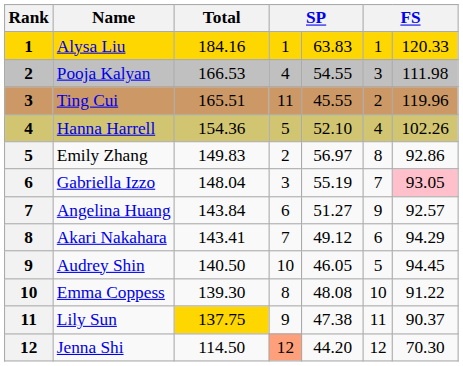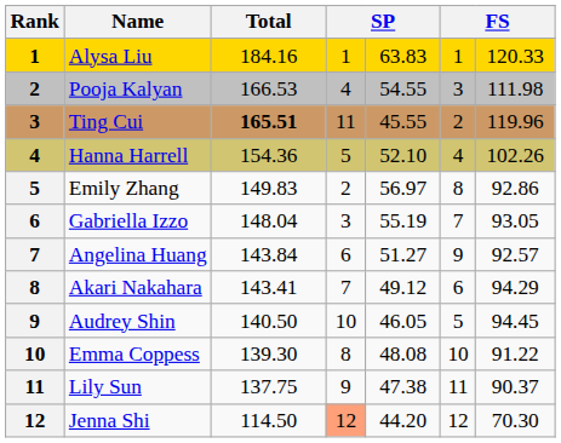 <table class="wikitable sortable">
 <tr>
 <th>Rank</th>
 <th>Name</th>
 <th width="80px">Total</th>
 <th colspan="2" width="80px"><a href='#'>SP</a></th>
 <th colspan="2" width="80px"><a href='#'>FS</a></th>
 </tr>
 <tr bgcolor="gold">
 <td align="center"><strong>1</strong></td>
 <td><a href='#'>Alysa Liu</a></td>
 <td align="center">184.16</td>
 <td align="center">1</td>
 <td align="center">63.83</td>
 <td align="center">1</td>
 <td align="center">120.33</td>
 </tr>
 <tr bgcolor="silver">
 <td align="center"><strong>2</strong></td>
 <td><a href='#'>Pooja Kalyan</a></td>
 <td align="center">166.53</td>
 <td align="center">4</td>
 <td align="center">54.55</td>
 <td align="center">3</td>
 <td align="center">111.98</td>
 </tr>
 <tr bgcolor="cc9966">
 <td align="center"><strong>3</strong></td>
 <td><a href='#'>Ting Cui</a></td>
-<td align="center">165.51</td>
+<td align="center"><strong>165.51</strong></td>
 <td align="center">11</td>
 <td align="center">45.55</td>
 <td align="center">2</td>
 <td align="center">119.96</td>
 </tr>
 <tr bgcolor="#d1c571">
 <td align="center"><strong>4</strong></td>
 <td><a href='#'>Hanna Harrell</a></td>
 <td align="center">154.36</td>
 <td align="center">5</td>
 <td align="center">52.10</td>
 <td align="center">4</td>
 <td align="center">102.26</td>
 </tr>
 <tr>
 <th>5</th>
 <td>Emily Zhang</td>
 <td align="center">149.83</td>
 <td align="center">2</td>
 <td align="center">56.97</td>
 <td align="center">8</td>
 <td align="center">92.86</td>
 </tr>
 <tr>
 <th>6</th>
 <td><a href='#'>Gabriella Izzo</a></td>
 <td align="center">148.04</td>
 <td align="center">3</td>
 <td align="center">55.19</td>
 <td align="center">7</td>
-<td align="center" style="background: pink;">93.05</td>
+<td align="center">93.05</td>
 </tr>
 <tr>
 <th>7</th>
 <td><a href='#'>Angelina Huang</a></td>
 <td align="center">143.84</td>
 <td align="center">6</td>
 <td align="center">51.27</td>
 <td align="center">9</td>
 <td align="center">92.57</td>
 </tr>
 <tr>
 <th>8</th>
 <td><a href='#'>Akari Nakahara</a></td>
 <td align="center">143.41</td>
 <td align="center">7</td>
 <td align="center">49.12</td>
 <td align="center">6</td>
 <td align="center">94.29</td>
 </tr>
 <tr>
 <th>9</th>
 <td><a href='#'>Audrey Shin</a></td>
 <td align="center">140.50</td>
 <td align="center">10</td>
 <td align="center">46.05</td>
 <td align="center">5</td>
 <td align="center">94.45</td>
 </tr>
 <tr>
 <th>10</th>
 <td><a href='#'>Emma Coppess</a></td>
 <td align="center">139.30</td>
 <td align="center">8</td>
 <td align="center">48.08</td>
 <td align="center">10</td>
 <td align="center">91.22</td>
 </tr>
 <tr>
 <th>11</th>
 <td><a href='#'>Lily Sun</a></td>
-<td align="center" style="background: gold;">137.75</td>
+<td align="center">137.75</td>
 <td align="center">9</td>
 <td align="center">47.38</td>
 <td align="center">11</td>
 <td align="center">90.37</td>
 </tr>
 <tr>
 <th>12</th>
 <td><a href='#'>Jenna Shi</a></td>
 <td align="center">114.50</td>
 <td align="center" style="background: lightsalmon;">12</td>
 <td align="center">44.20</td>
 <td align="center">12</td>
 <td align="center">70.30</td>
 </tr>
 </table>
